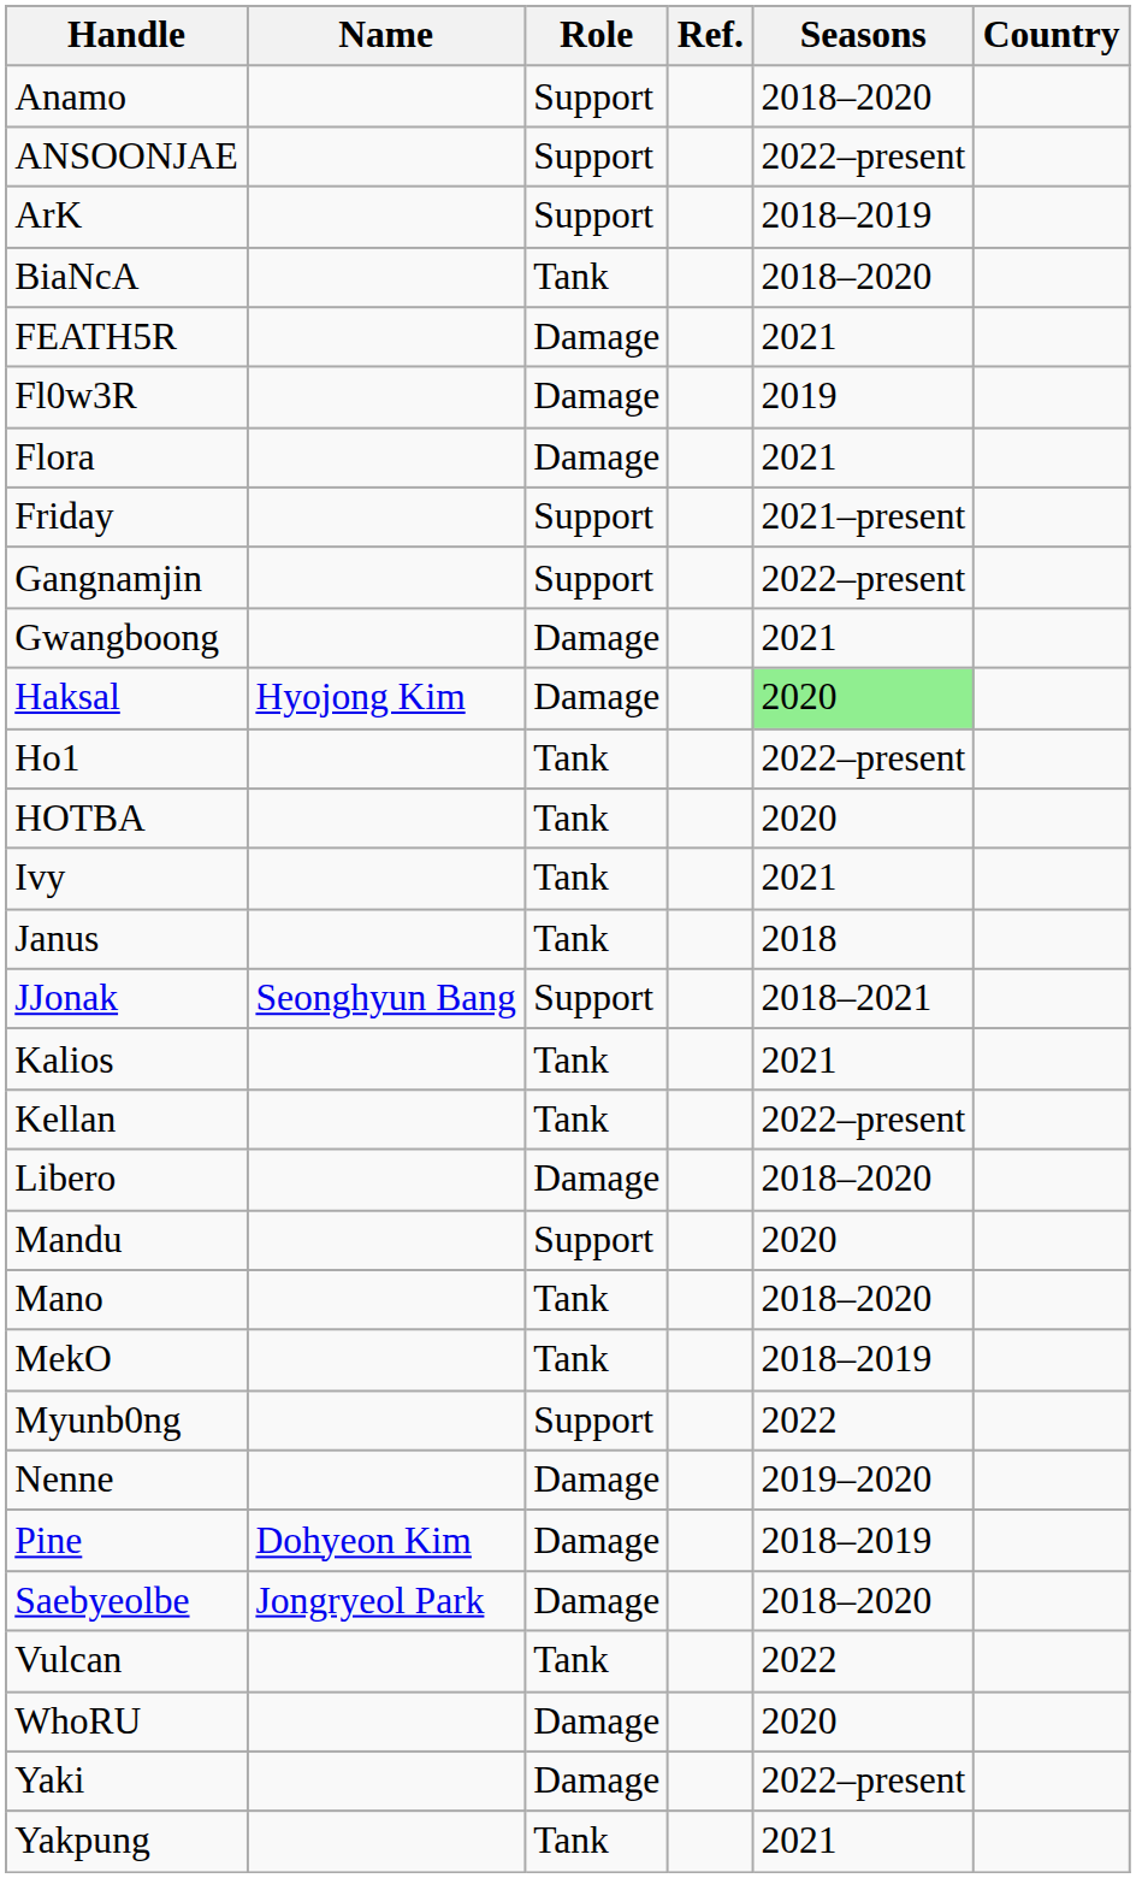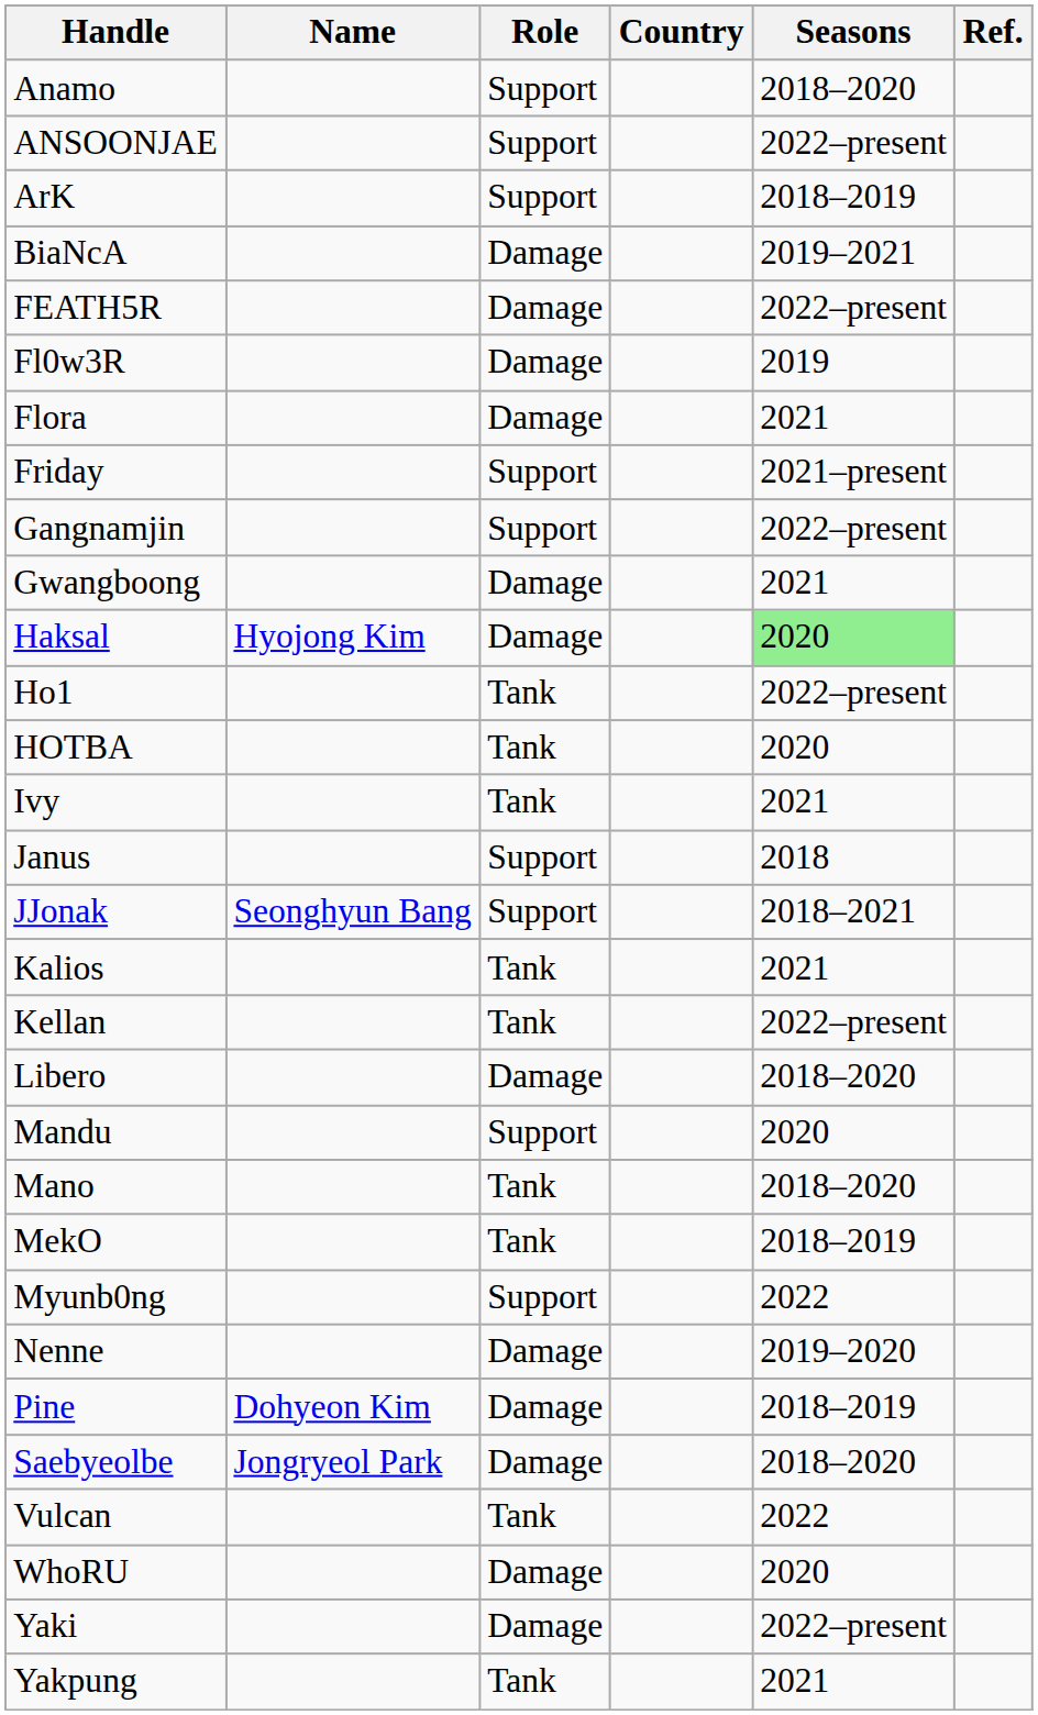 <table class="wikitable sortable" style="text-align:left;">
 <tr>
 <th style="background-color:#">Handle</th>
 <th style="background-color:#">Name</th>
 <th style="background-color:#">Role</th>
+<th style="background-color:#">Country</th>
+<th style="background-color:#">Seasons</th>
 <th style="background-color:#">Ref.</th>
-<th style="background-color:#">Seasons</th>
-<th style="background-color:#">Country</th>
 </tr>
 <tr>
 <td>Anamo</td>
 <td></td>
 <td>Support</td>
 <td></td>
 <td>2018–2020</td>
 <td></td>
 </tr>
 <tr>
 <td>ANSOONJAE</td>
 <td></td>
 <td>Support</td>
 <td></td>
 <td>2022–present</td>
 <td></td>
 </tr>
 <tr>
 <td>ArK</td>
 <td></td>
 <td>Support</td>
 <td></td>
 <td>2018–2019</td>
 <td></td>
 </tr>
 <tr>
 <td>BiaNcA</td>
 <td></td>
-<td>Tank</td>
+<td>Damage</td>
 <td></td>
-<td>2018–2020</td>
+<td>2019–2021</td>
 <td></td>
 </tr>
 <tr>
 <td>FEATH5R</td>
 <td></td>
 <td>Damage</td>
 <td></td>
-<td>2021</td>
+<td>2022–present</td>
 <td></td>
 </tr>
 <tr>
 <td>Fl0w3R</td>
 <td></td>
 <td>Damage</td>
 <td></td>
 <td>2019</td>
 <td></td>
 </tr>
 <tr>
 <td>Flora</td>
 <td></td>
 <td>Damage</td>
 <td></td>
 <td>2021</td>
 <td></td>
 </tr>
 <tr>
 <td>Friday</td>
 <td></td>
 <td>Support</td>
 <td></td>
 <td>2021–present</td>
 <td></td>
 </tr>
 <tr>
 <td>Gangnamjin</td>
 <td></td>
 <td>Support</td>
 <td></td>
 <td>2022–present</td>
 <td></td>
 </tr>
 <tr>
 <td>Gwangboong</td>
 <td></td>
 <td>Damage</td>
 <td></td>
 <td>2021</td>
 <td></td>
 </tr>
 <tr>
 <td><a href='#'>Haksal</a></td>
 <td><a href='#'>Hyojong Kim</a></td>
 <td>Damage</td>
 <td></td>
 <td style="background: lightgreen;">2020</td>
 <td></td>
 </tr>
 <tr>
 <td>Ho1</td>
 <td></td>
 <td>Tank</td>
 <td></td>
 <td>2022–present</td>
 <td></td>
 </tr>
 <tr>
 <td>HOTBA</td>
 <td></td>
 <td>Tank</td>
 <td></td>
 <td>2020</td>
 <td></td>
 </tr>
 <tr>
 <td>Ivy</td>
 <td></td>
 <td>Tank</td>
 <td></td>
 <td>2021</td>
 <td></td>
 </tr>
 <tr>
 <td>Janus</td>
 <td></td>
-<td>Tank</td>
+<td>Support</td>
 <td></td>
 <td>2018</td>
 <td></td>
 </tr>
 <tr>
 <td><a href='#'>JJonak</a></td>
 <td><a href='#'>Seonghyun Bang</a></td>
 <td>Support</td>
 <td></td>
 <td>2018–2021</td>
 <td></td>
 </tr>
 <tr>
 <td>Kalios</td>
 <td></td>
 <td>Tank</td>
 <td></td>
 <td>2021</td>
 <td></td>
 </tr>
 <tr>
 <td>Kellan</td>
 <td></td>
 <td>Tank</td>
 <td></td>
 <td>2022–present</td>
 <td></td>
 </tr>
 <tr>
 <td>Libero</td>
 <td></td>
 <td>Damage</td>
 <td></td>
 <td>2018–2020</td>
 <td></td>
 </tr>
 <tr>
 <td>Mandu</td>
 <td></td>
 <td>Support</td>
 <td></td>
 <td>2020</td>
 <td></td>
 </tr>
 <tr>
 <td>Mano</td>
 <td></td>
 <td>Tank</td>
 <td></td>
 <td>2018–2020</td>
 <td></td>
 </tr>
 <tr>
 <td>MekO</td>
 <td></td>
 <td>Tank</td>
 <td></td>
 <td>2018–2019</td>
 <td></td>
 </tr>
 <tr>
 <td>Myunb0ng</td>
 <td></td>
 <td>Support</td>
 <td></td>
 <td>2022</td>
 <td></td>
 </tr>
 <tr>
 <td>Nenne</td>
 <td></td>
 <td>Damage</td>
 <td></td>
 <td>2019–2020</td>
 <td></td>
 </tr>
 <tr>
 <td><a href='#'>Pine</a></td>
 <td><a href='#'>Dohyeon Kim</a></td>
 <td>Damage</td>
 <td></td>
 <td>2018–2019</td>
 <td></td>
 </tr>
 <tr>
 <td><a href='#'>Saebyeolbe</a></td>
 <td><a href='#'>Jongryeol Park</a></td>
 <td>Damage</td>
 <td></td>
 <td>2018–2020</td>
 <td></td>
 </tr>
 <tr>
 <td>Vulcan</td>
 <td></td>
 <td>Tank</td>
 <td></td>
 <td>2022</td>
 <td></td>
 </tr>
 <tr>
 <td>WhoRU</td>
 <td></td>
 <td>Damage</td>
 <td></td>
 <td>2020</td>
 <td></td>
 </tr>
 <tr>
 <td>Yaki</td>
 <td></td>
 <td>Damage</td>
 <td></td>
 <td>2022–present</td>
 <td></td>
 </tr>
 <tr>
 <td>Yakpung</td>
 <td></td>
 <td>Tank</td>
 <td></td>
 <td>2021</td>
 <td></td>
 </tr>
 </table>
